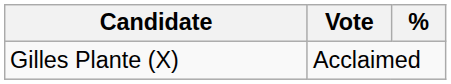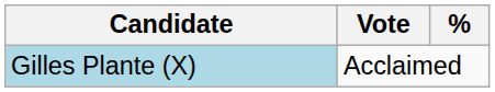 <table class="wikitable">
 <tr>
 <th bgcolor="#DDDDFF" width="200px">Candidate</th>
 <th bgcolor="#DDDDFF" width="50px">Vote</th>
 <th bgcolor="#DDDDFF" width="30px">%</th>
 </tr>
 <tr>
-<td>Gilles Plante (X)</td>
+<td style="background: lightblue;">Gilles Plante (X)</td>
 <td colspan="2">Acclaimed</td>
 </tr>
 </table>
